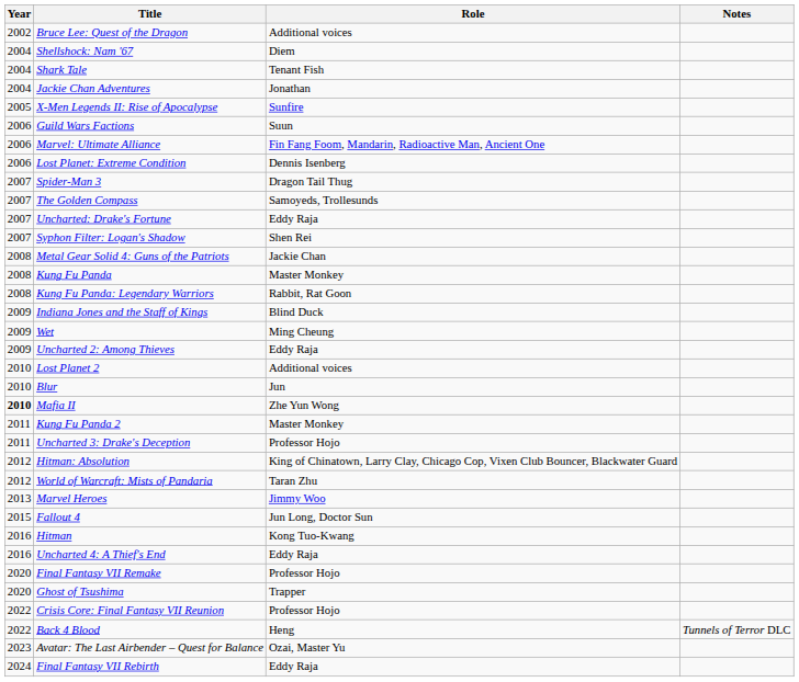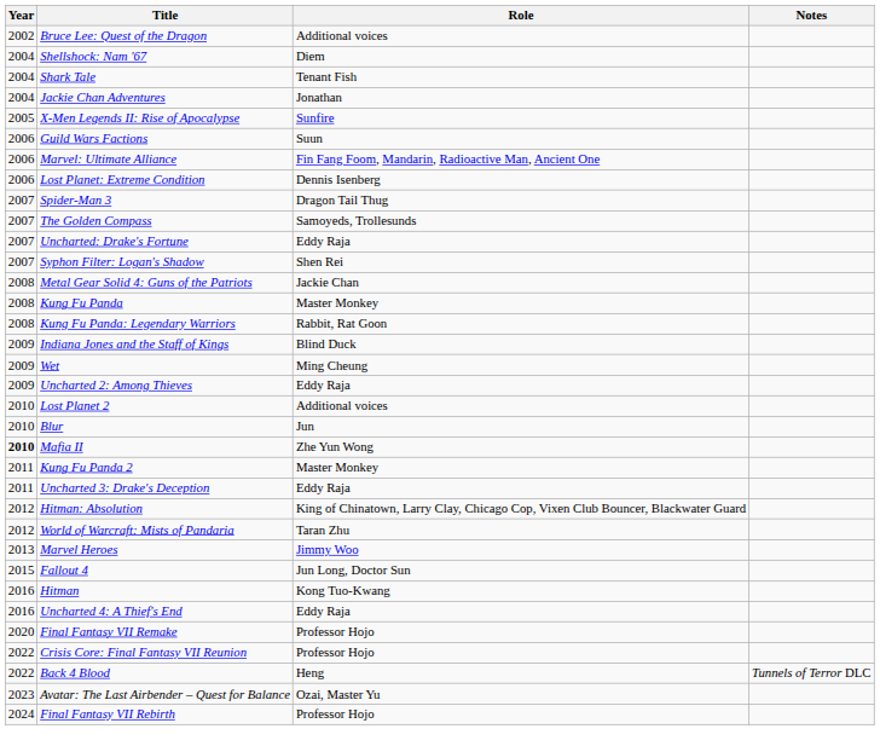 <table class="wikitable">
 <tr>
 <th>Year</th>
 <th>Title</th>
 <th>Role</th>
 <th>Notes</th>
 </tr>
 <tr>
 <td>2002</td>
 <td><em><a href='#'>Bruce Lee: Quest of the Dragon</a></em></td>
 <td>Additional voices</td>
 <td></td>
 </tr>
 <tr>
 <td>2004</td>
 <td><em><a href='#'>Shellshock: Nam '67</a></em></td>
 <td>Diem</td>
 <td></td>
 </tr>
 <tr>
 <td>2004</td>
 <td><em><a href='#'>Shark Tale</a></em></td>
 <td>Tenant Fish</td>
 <td></td>
 </tr>
 <tr>
 <td>2004</td>
 <td><em><a href='#'>Jackie Chan Adventures</a></em></td>
 <td>Jonathan</td>
 <td></td>
 </tr>
 <tr>
 <td>2005</td>
 <td><em><a href='#'>X-Men Legends II: Rise of Apocalypse</a></em></td>
 <td><a href='#'>Sunfire</a></td>
 <td></td>
 </tr>
 <tr>
 <td>2006</td>
 <td><em><a href='#'>Guild Wars Factions</a></em></td>
 <td>Suun</td>
 <td></td>
 </tr>
 <tr>
 <td>2006</td>
 <td><em><a href='#'>Marvel: Ultimate Alliance</a></em></td>
 <td><a href='#'>Fin Fang Foom</a>, <a href='#'>Mandarin</a>, <a href='#'>Radioactive Man</a>, <a href='#'>Ancient One</a></td>
 <td></td>
 </tr>
 <tr>
 <td>2006</td>
 <td><em><a href='#'>Lost Planet: Extreme Condition</a></em></td>
 <td>Dennis Isenberg</td>
 <td></td>
 </tr>
 <tr>
 <td>2007</td>
 <td><em><a href='#'>Spider-Man 3</a></em></td>
 <td>Dragon Tail Thug</td>
 <td></td>
 </tr>
 <tr>
 <td>2007</td>
 <td><em><a href='#'>The Golden Compass</a></em></td>
 <td>Samoyeds, Trollesunds</td>
 <td></td>
 </tr>
 <tr>
 <td>2007</td>
 <td><em><a href='#'>Uncharted: Drake's Fortune</a></em></td>
 <td>Eddy Raja</td>
 <td></td>
 </tr>
 <tr>
 <td>2007</td>
 <td><em><a href='#'>Syphon Filter: Logan's Shadow</a></em></td>
 <td>Shen Rei</td>
 <td></td>
 </tr>
 <tr>
 <td>2008</td>
 <td><em><a href='#'>Metal Gear Solid 4: Guns of the Patriots</a></em></td>
 <td>Jackie Chan</td>
 <td></td>
 </tr>
 <tr>
 <td>2008</td>
 <td><em><a href='#'>Kung Fu Panda</a></em></td>
 <td>Master Monkey</td>
 <td></td>
 </tr>
 <tr>
 <td>2008</td>
 <td><em><a href='#'>Kung Fu Panda: Legendary Warriors</a></em></td>
 <td>Rabbit, Rat Goon</td>
 <td></td>
 </tr>
 <tr>
 <td>2009</td>
 <td><em><a href='#'>Indiana Jones and the Staff of Kings</a></em></td>
 <td>Blind Duck</td>
 <td></td>
 </tr>
 <tr>
 <td>2009</td>
 <td><em><a href='#'>Wet</a></em></td>
 <td>Ming Cheung</td>
 <td></td>
 </tr>
 <tr>
 <td>2009</td>
 <td><em><a href='#'>Uncharted 2: Among Thieves</a></em></td>
 <td>Eddy Raja</td>
 <td></td>
 </tr>
 <tr>
 <td>2010</td>
 <td><em><a href='#'>Lost Planet 2</a></em></td>
 <td>Additional voices</td>
 <td></td>
 </tr>
 <tr>
 <td>2010</td>
 <td><em><a href='#'>Blur</a></em></td>
 <td>Jun</td>
 <td></td>
 </tr>
 <tr>
 <td><strong>2010</strong></td>
 <td><em><a href='#'>Mafia II</a></em></td>
 <td>Zhe Yun Wong</td>
 <td></td>
 </tr>
 <tr>
 <td>2011</td>
 <td><em><a href='#'>Kung Fu Panda 2</a></em></td>
 <td>Master Monkey</td>
 <td></td>
 </tr>
 <tr>
 <td>2011</td>
 <td><em><a href='#'>Uncharted 3: Drake's Deception</a></em></td>
-<td>Professor Hojo</td>
+<td>Eddy Raja</td>
 <td></td>
 </tr>
 <tr>
 <td>2012</td>
 <td><em><a href='#'>Hitman: Absolution</a></em></td>
 <td>King of Chinatown, Larry Clay, Chicago Cop, Vixen Club Bouncer, Blackwater Guard</td>
 <td></td>
 </tr>
 <tr>
 <td>2012</td>
 <td><em><a href='#'>World of Warcraft: Mists of Pandaria</a></em></td>
 <td>Taran Zhu</td>
 <td></td>
 </tr>
 <tr>
 <td>2013</td>
 <td><em><a href='#'>Marvel Heroes</a></em></td>
 <td><a href='#'>Jimmy Woo</a></td>
 <td></td>
 </tr>
 <tr>
 <td>2015</td>
 <td><em><a href='#'>Fallout 4</a></em></td>
 <td>Jun Long, Doctor Sun</td>
 <td></td>
 </tr>
 <tr>
 <td>2016</td>
 <td><em><a href='#'>Hitman</a></em></td>
 <td>Kong Tuo-Kwang</td>
 <td></td>
 </tr>
 <tr>
 <td>2016</td>
 <td><em><a href='#'>Uncharted 4: A Thief's End</a></em></td>
 <td>Eddy Raja</td>
 <td></td>
 </tr>
 <tr>
 <td>2020</td>
 <td><em><a href='#'>Final Fantasy VII Remake</a></em></td>
 <td>Professor Hojo</td>
 <td></td>
 </tr>
 <tr>
-<td>2020</td>
-<td><em><a href='#'>Ghost of Tsushima</a></em></td>
-<td>Trapper</td>
-<td></td>
-</tr>
-<tr>
 <td>2022</td>
 <td><em><a href='#'>Crisis Core: Final Fantasy VII Reunion</a></em></td>
 <td>Professor Hojo</td>
 <td></td>
 </tr>
 <tr>
 <td>2022</td>
 <td><em><a href='#'>Back 4 Blood</a></em></td>
 <td>Heng</td>
 <td><em>Tunnels of Terror</em> DLC</td>
 </tr>
 <tr>
 <td>2023</td>
 <td><em>Avatar: The Last Airbender – Quest for Balance</em></td>
 <td>Ozai, Master Yu</td>
 <td></td>
 </tr>
 <tr>
 <td>2024</td>
 <td><em><a href='#'>Final Fantasy VII Rebirth</a></em></td>
-<td>Eddy Raja</td>
+<td>Professor Hojo</td>
 <td></td>
 </tr>
 </table>
